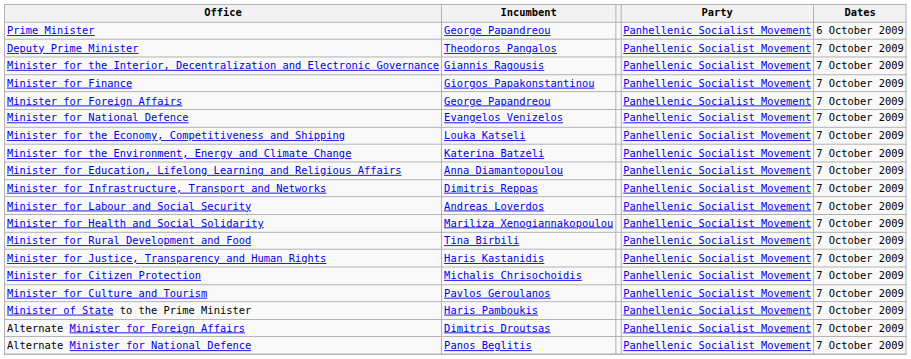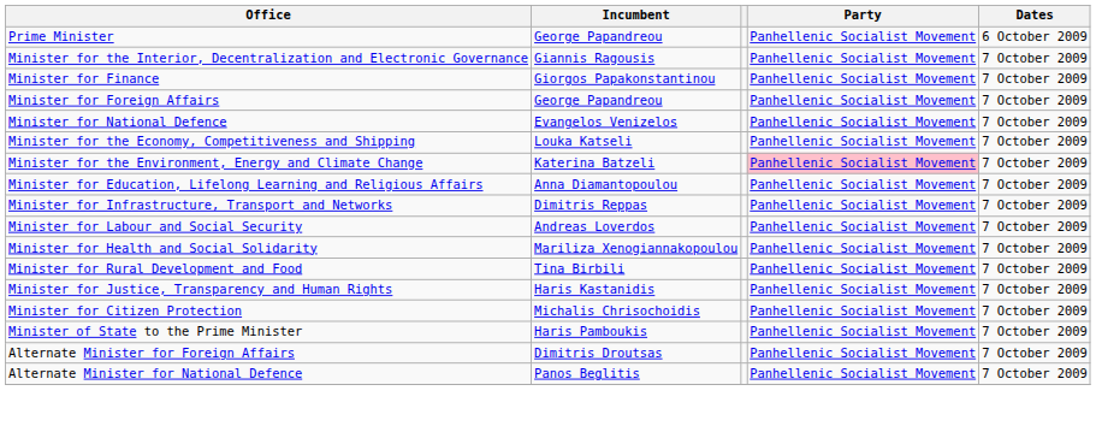 <table class="wikitable" style="font-size: 90%;">
 <tr>
 <th>Office</th>
 <th>Incumbent</th>
 <th></th>
 <th>Party</th>
 <th>Dates</th>
 </tr>
 <tr>
 <td><a href='#'>Prime Minister</a></td>
 <td><a href='#'>George Papandreou</a></td>
 <td style="background-color: "></td>
 <td><a href='#'>Panhellenic Socialist Movement</a></td>
 <td>6 October 2009</td>
-</tr>
-<tr>
-<td><a href='#'>Deputy Prime Minister</a></td>
-<td><a href='#'>Theodoros Pangalos</a></td>
-<td style="background-color: "></td>
-<td><a href='#'>Panhellenic Socialist Movement</a></td>
-<td>7 October 2009</td>
 </tr>
 <tr>
 <td><a href='#'>Minister for the Interior, Decentralization and Electronic Governance</a></td>
 <td><a href='#'>Giannis Ragousis</a></td>
 <td style="background-color: "></td>
 <td><a href='#'>Panhellenic Socialist Movement</a></td>
 <td>7 October 2009</td>
 </tr>
 <tr>
 <td><a href='#'>Minister for Finance</a></td>
 <td><a href='#'>Giorgos Papakonstantinou</a></td>
 <td style="background-color: "></td>
 <td><a href='#'>Panhellenic Socialist Movement</a></td>
 <td>7 October 2009</td>
 </tr>
 <tr>
 <td><a href='#'>Minister for Foreign Affairs</a></td>
 <td><a href='#'>George Papandreou</a></td>
 <td style="background-color: "></td>
 <td><a href='#'>Panhellenic Socialist Movement</a></td>
 <td>7 October 2009</td>
 </tr>
 <tr>
 <td><a href='#'>Minister for National Defence</a></td>
 <td><a href='#'>Evangelos Venizelos</a></td>
 <td style="background-color: "></td>
 <td><a href='#'>Panhellenic Socialist Movement</a></td>
 <td>7 October 2009</td>
 </tr>
 <tr>
 <td><a href='#'>Minister for the Economy, Competitiveness and Shipping</a></td>
 <td><a href='#'>Louka Katseli</a></td>
 <td style="background-color: "></td>
 <td><a href='#'>Panhellenic Socialist Movement</a></td>
 <td>7 October 2009</td>
 </tr>
 <tr>
 <td><a href='#'>Minister for the Environment, Energy and Climate Change</a></td>
 <td><a href='#'>Katerina Batzeli</a></td>
 <td style="background-color: "></td>
-<td><a href='#'>Panhellenic Socialist Movement</a></td>
+<td style="background: pink;"><a href='#'>Panhellenic Socialist Movement</a></td>
 <td>7 October 2009</td>
 </tr>
 <tr>
 <td><a href='#'>Minister for Education, Lifelong Learning and Religious Affairs</a></td>
 <td><a href='#'>Anna Diamantopoulou</a></td>
 <td style="background-color: "></td>
 <td><a href='#'>Panhellenic Socialist Movement</a></td>
 <td>7 October 2009</td>
 </tr>
 <tr>
 <td><a href='#'>Minister for Infrastructure, Transport and Networks</a></td>
 <td><a href='#'>Dimitris Reppas</a></td>
 <td style="background-color: "></td>
 <td><a href='#'>Panhellenic Socialist Movement</a></td>
 <td>7 October 2009</td>
 </tr>
 <tr>
 <td><a href='#'>Minister for Labour and Social Security</a></td>
 <td><a href='#'>Andreas Loverdos</a></td>
 <td style="background-color: "></td>
 <td><a href='#'>Panhellenic Socialist Movement</a></td>
 <td>7 October 2009</td>
 </tr>
 <tr>
 <td><a href='#'>Minister for Health and Social Solidarity</a></td>
 <td><a href='#'>Mariliza Xenogiannakopoulou</a></td>
 <td style="background-color: "></td>
 <td><a href='#'>Panhellenic Socialist Movement</a></td>
 <td>7 October 2009</td>
 </tr>
 <tr>
 <td><a href='#'>Minister for Rural Development and Food</a></td>
 <td><a href='#'>Tina Birbili</a></td>
 <td style="background-color: "></td>
 <td><a href='#'>Panhellenic Socialist Movement</a></td>
 <td>7 October 2009</td>
 </tr>
 <tr>
 <td><a href='#'>Minister for Justice, Transparency and Human Rights</a></td>
 <td><a href='#'>Haris Kastanidis</a></td>
 <td style="background-color: "></td>
 <td><a href='#'>Panhellenic Socialist Movement</a></td>
 <td>7 October 2009</td>
 </tr>
 <tr>
 <td><a href='#'>Minister for Citizen Protection</a></td>
 <td><a href='#'>Michalis Chrisochoidis</a></td>
 <td style="background-color: "></td>
 <td><a href='#'>Panhellenic Socialist Movement</a></td>
 <td>7 October 2009</td>
 </tr>
 <tr>
-<td><a href='#'>Minister for Culture and Tourism</a></td>
-<td><a href='#'>Pavlos Geroulanos</a></td>
-<td style="background-color: "></td>
-<td><a href='#'>Panhellenic Socialist Movement</a></td>
-<td>7 October 2009</td>
-</tr>
-<tr>
 <td><a href='#'>Minister of State</a> to the Prime Minister</td>
 <td><a href='#'>Haris Pamboukis</a></td>
 <td style="background-color: "></td>
 <td><a href='#'>Panhellenic Socialist Movement</a></td>
 <td>7 October 2009</td>
 </tr>
 <tr>
 <td>Alternate <a href='#'>Minister for Foreign Affairs</a></td>
 <td><a href='#'>Dimitris Droutsas</a></td>
 <td style="background-color: "></td>
 <td><a href='#'>Panhellenic Socialist Movement</a></td>
 <td>7 October 2009</td>
 </tr>
 <tr>
 <td>Alternate <a href='#'>Minister for National Defence</a></td>
 <td><a href='#'>Panos Beglitis</a></td>
 <td style="background-color: "></td>
 <td><a href='#'>Panhellenic Socialist Movement</a></td>
 <td>7 October 2009</td>
 </tr>
 <tr>
 </tr>
 </table>
